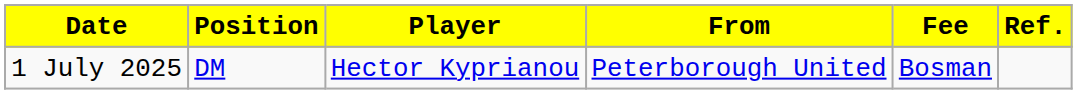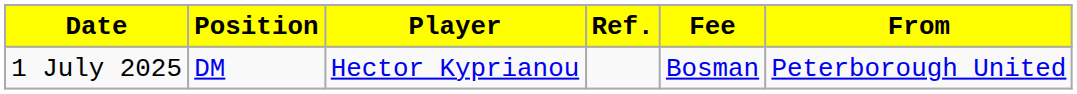 <table class="wikitable plainrowheaders sortable">
 <tr>
 <th style="background:#FFFF00;color:black;">Date</th>
 <th style="background:#FFFF00;color:black;">Position</th>
 <th style="background:#FFFF00;color:black;">Player</th>
+<th style="background:#FFFF00;color:black;">Ref.</th>
+<th style="background:#FFFF00;color:black;">Fee</th>
 <th style="background:#FFFF00;color:black;">From</th>
-<th style="background:#FFFF00;color:black;">Fee</th>
-<th style="background:#FFFF00;color:black;">Ref.</th>
 </tr>
 <tr>
 <td>1 July 2025</td>
 <td><a href='#'>DM</a></td>
 <td> <a href='#'>Hector Kyprianou</a></td>
+<td></td>
+<td><a href='#'>Bosman</a></td>
 <td> <a href='#'>Peterborough United</a></td>
-<td><a href='#'>Bosman</a></td>
-<td></td>
 </tr>
 </table>
